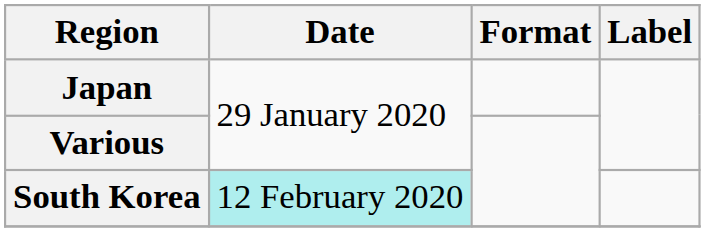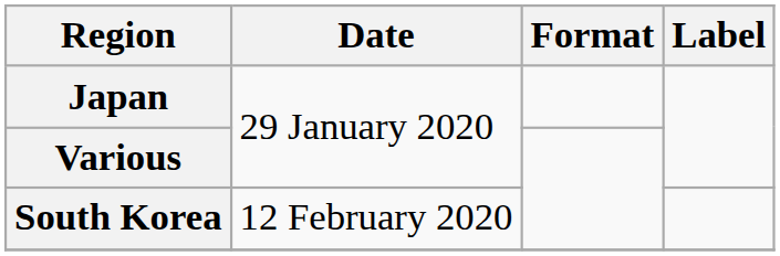 <table class="wikitable plainrowheaders">
 <tr>
 <th scope="col">Region</th>
 <th scope="col">Date</th>
 <th scope="col">Format</th>
 <th scope="col">Label</th>
 </tr>
 <tr>
 <th scope="row">Japan</th>
 <td rowspan="2">29 January 2020</td>
 <td></td>
 <td rowspan="2"></td>
 </tr>
 <tr>
 <th scope="row">Various </th>
 <td rowspan="2"></td>
 </tr>
 <tr>
 <th scope="row">South Korea</th>
-<td style="background: paleturquoise;">12 February 2020</td>
+<td>12 February 2020</td>
 <td></td>
 </tr>
 <tr>
 </tr>
 </table>
